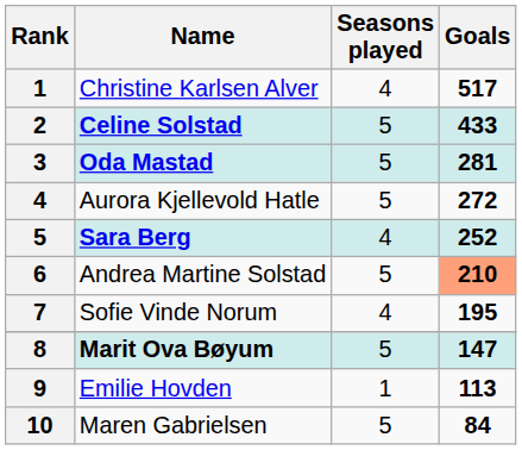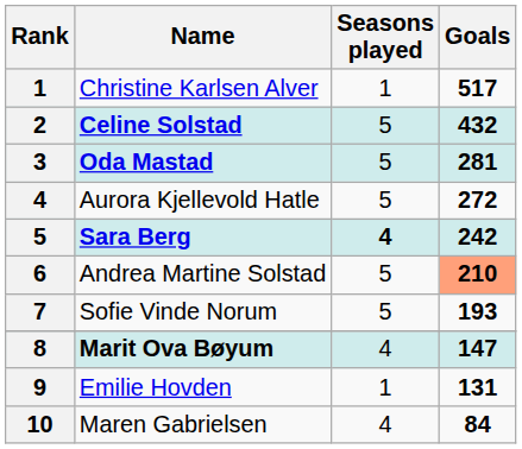 <table class="wikitable" style="text-align: center;">
 <tr>
 <th>Rank</th>
 <th class="unsortable">Name</th>
 <th>Seasons<br>played</th>
 <th>Goals</th>
 </tr>
 <tr style="background-color: ;">
 <th rowspan="1">1</th>
 <td style="text-align: left;"> <a href='#'>Christine Karlsen Alver</a></td>
-<td>4</td>
+<td>1</td>
 <td><strong>517</strong></td>
 </tr>
 <tr style="background-color: #CFECEC;">
 <th rowspan="1">2</th>
 <td style="text-align: left;"> <strong><a href='#'>Celine Solstad</a></strong></td>
 <td>5</td>
-<td><strong>433</strong></td>
+<td><strong>432</strong></td>
 </tr>
 <tr style="background-color: #CFECEC;">
 <th rowspan="1">3</th>
 <td style="text-align: left;"> <strong><a href='#'>Oda Mastad</a></strong></td>
 <td>5</td>
 <td><strong>281</strong></td>
 </tr>
 <tr>
 <th rowspan="1">4</th>
 <td style="text-align: left;"> Aurora Kjellevold Hatle</td>
 <td>5</td>
 <td><strong>272</strong></td>
 </tr>
 <tr style="background-color: #CFECEC;">
 <th rowspan="1">5</th>
 <td style="text-align: left;"> <strong><a href='#'>Sara Berg</a></strong></td>
-<td>4</td>
-<td><strong>252</strong></td>
+<td><strong>4</strong></td>
+<td><strong>242</strong></td>
 </tr>
 <tr>
 <th rowspan="1">6</th>
 <td style="text-align: left;"> Andrea Martine Solstad</td>
 <td>5</td>
 <td style="background: lightsalmon;"><strong>210</strong></td>
 </tr>
 <tr>
 <th rowspan="1">7</th>
 <td style="text-align: left;"> Sofie Vinde Norum</td>
-<td>4</td>
-<td><strong>195</strong></td>
+<td>5</td>
+<td><strong>193</strong></td>
 </tr>
 <tr>
 </tr>
 <tr style="background-color: #CFECEC;">
 <th rowspan="1">8</th>
 <td style="text-align: left;"> <strong>Marit Ova Bøyum</strong></td>
-<td>5</td>
+<td>4</td>
 <td><strong>147</strong></td>
 </tr>
 <tr>
 <th rowspan="1">9</th>
 <td style="text-align: left;"> <a href='#'>Emilie Hovden</a></td>
 <td>1</td>
-<td><strong>113</strong></td>
+<td><strong>131</strong></td>
 </tr>
 <tr>
 <th rowspan="1">10</th>
 <td style="text-align: left;"> Maren Gabrielsen</td>
-<td>5</td>
+<td>4</td>
 <td><strong>84</strong></td>
 </tr>
 </table>
